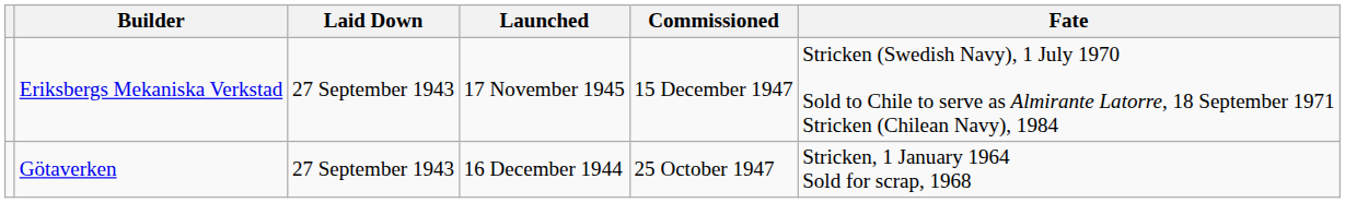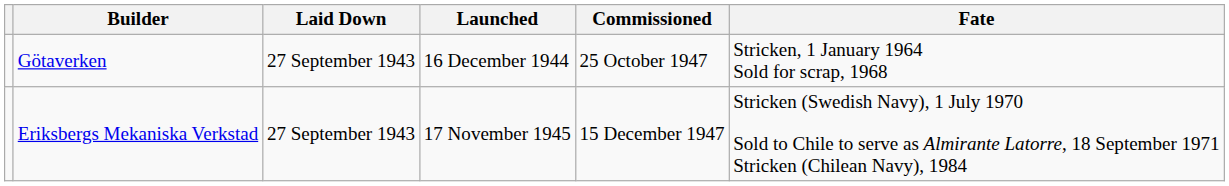 <table class="wikitable">
 <tr>
 <th></th>
 <th>Builder </th>
 <th>Laid Down </th>
 <th>Launched </th>
 <th>Commissioned </th>
 <th>Fate</th>
 </tr>
 <tr>
 <td></td>
+<td><a href='#'>Götaverken</a></td>
+<td>27 September 1943</td>
+<td>16 December 1944</td>
+<td>25 October 1947</td>
+<td>Stricken, 1 January 1964<br>Sold for scrap, 1968</td>
+</tr>
+<tr>
+<td></td>
 <td><a href='#'>Eriksbergs Mekaniska Verkstad</a></td>
 <td>27 September 1943</td>
 <td>17 November 1945</td>
 <td>15 December 1947</td>
 <td>Stricken (Swedish Navy), 1 July 1970<br><br>Sold to Chile to serve as <em>Almirante Latorre</em>, 18 September 1971<br> Stricken (Chilean Navy), 1984</td>
 </tr>
-<tr>
-<td></td>
-<td><a href='#'>Götaverken</a></td>
-<td>27 September 1943</td>
-<td>16 December 1944</td>
-<td>25 October 1947</td>
-<td>Stricken, 1 January 1964<br>Sold for scrap, 1968</td>
-</tr>
 </table>
